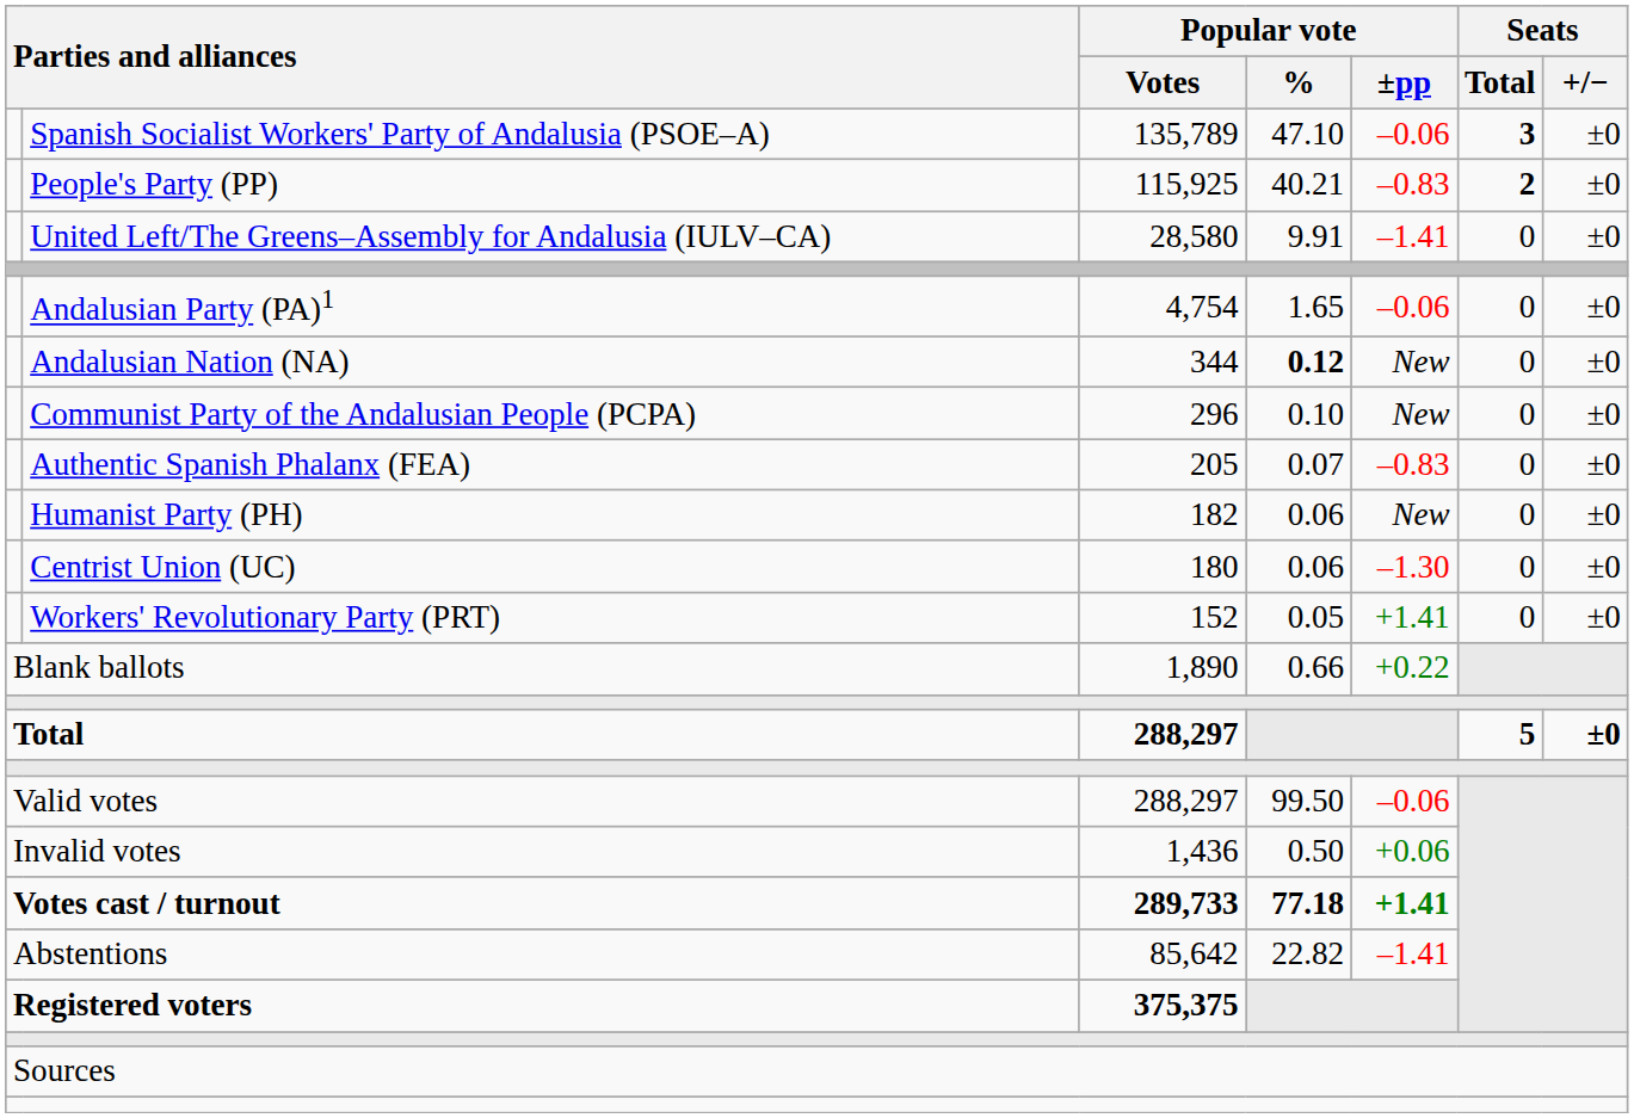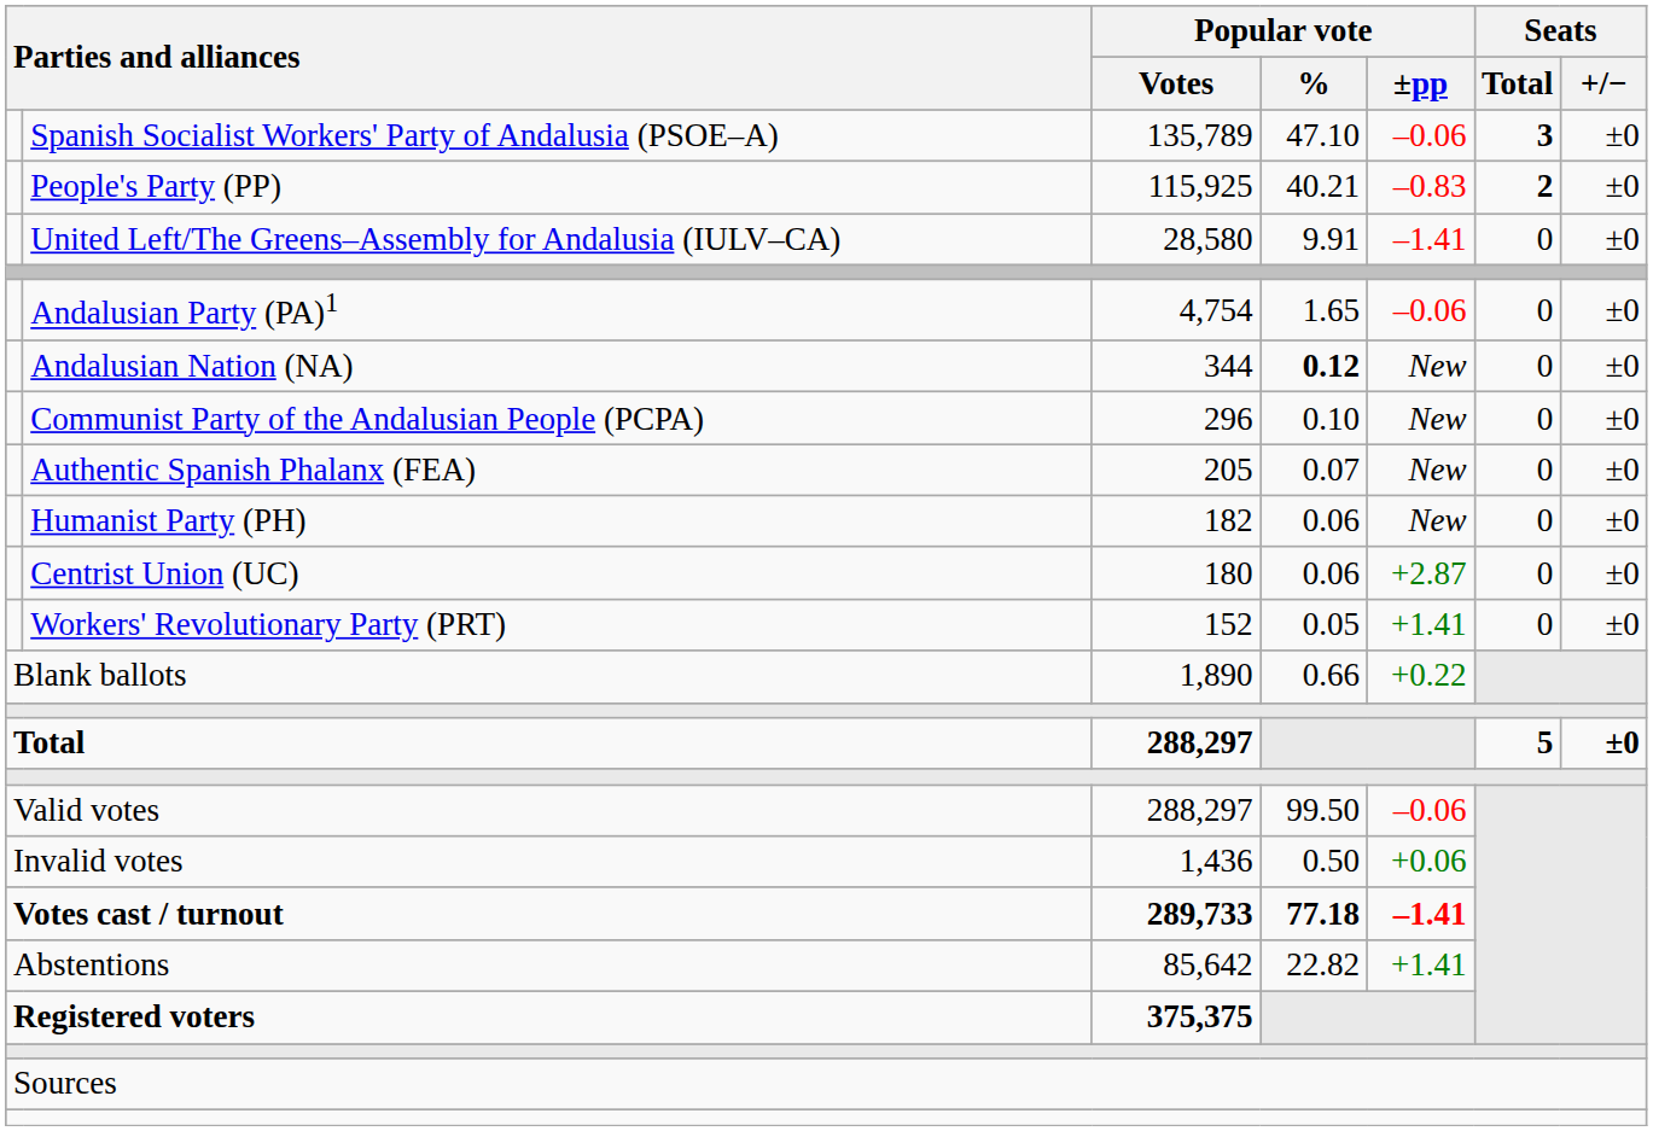 <table class="wikitable" style="text-align:right;">
 <tr>
 <th style="text-align:left;" rowspan="2" colspan="2" width="525">Parties and alliances</th>
 <th colspan="3">Popular vote</th>
 <th colspan="2">Seats</th>
 </tr>
 <tr>
 <th width="75">Votes</th>
 <th width="45">%</th>
 <th width="45">±<a href='#'>pp</a></th>
 <th width="35">Total</th>
 <th width="35">+/−</th>
 </tr>
 <tr>
 <td width="1" style="color:inherit;background:"></td>
 <td align="left"><a href='#'>Spanish Socialist Workers' Party of Andalusia</a> (PSOE–A)</td>
 <td>135,789</td>
 <td>47.10</td>
 <td style="color:red;">–0.06</td>
 <td><strong>3</strong></td>
 <td>±0</td>
 </tr>
 <tr>
 <td style="color:inherit;background:"></td>
 <td align="left"><a href='#'>People's Party</a> (PP)</td>
 <td>115,925</td>
 <td>40.21</td>
 <td style="color:red;">–0.83</td>
 <td><strong>2</strong></td>
 <td>±0</td>
 </tr>
 <tr>
 <td style="color:inherit;background:"></td>
 <td align="left"><a href='#'>United Left/The Greens–Assembly for Andalusia</a> (IULV–CA)</td>
 <td>28,580</td>
 <td>9.91</td>
 <td style="color:red;">–1.41</td>
 <td>0</td>
 <td>±0</td>
 </tr>
 <tr>
 <td colspan="7" bgcolor="#C0C0C0"></td>
 </tr>
 <tr>
 <td style="color:inherit;background:"></td>
 <td align="left"><a href='#'>Andalusian Party</a> (PA)<sup>1</sup></td>
 <td>4,754</td>
 <td>1.65</td>
 <td style="color:red;">–0.06</td>
 <td>0</td>
 <td>±0</td>
 </tr>
 <tr>
 <td style="color:inherit;background:"></td>
 <td align="left"><a href='#'>Andalusian Nation</a> (NA)</td>
 <td>344</td>
 <td><strong>0.12</strong></td>
 <td><em>New</em></td>
 <td>0</td>
 <td>±0</td>
 </tr>
 <tr>
 <td style="color:inherit;background:"></td>
 <td align="left"><a href='#'>Communist Party of the Andalusian People</a> (PCPA)</td>
 <td>296</td>
 <td>0.10</td>
 <td><em>New</em></td>
 <td>0</td>
 <td>±0</td>
 </tr>
 <tr>
 <td style="color:inherit;background:"></td>
 <td align="left"><a href='#'>Authentic Spanish Phalanx</a> (FEA)</td>
 <td>205</td>
 <td>0.07</td>
-<td style="color:red;">–0.83</td>
+<td><em>New</em></td>
 <td>0</td>
 <td>±0</td>
 </tr>
 <tr>
 <td style="color:inherit;background:"></td>
 <td align="left"><a href='#'>Humanist Party</a> (PH)</td>
 <td>182</td>
 <td>0.06</td>
 <td><em>New</em></td>
 <td>0</td>
 <td>±0</td>
 </tr>
 <tr>
 <td style="color:inherit;background:"></td>
 <td align="left"><a href='#'>Centrist Union</a> (UC)</td>
 <td>180</td>
 <td>0.06</td>
-<td style="color:red;">–1.30</td>
+<td style="color:green;">+2.87</td>
 <td>0</td>
 <td>±0</td>
 </tr>
 <tr>
 <td style="color:inherit;background:"></td>
 <td align="left"><a href='#'>Workers' Revolutionary Party</a> (PRT)</td>
 <td>152</td>
 <td>0.05</td>
 <td style="color:green;">+1.41</td>
 <td>0</td>
 <td>±0</td>
 </tr>
 <tr>
 <td align="left" colspan="2">Blank ballots</td>
 <td>1,890</td>
 <td>0.66</td>
 <td style="color:green;">+0.22</td>
 <td bgcolor="#E9E9E9" colspan="2"></td>
 </tr>
 <tr>
 <td colspan="7" bgcolor="#E9E9E9"></td>
 </tr>
 <tr style="font-weight:bold;">
 <td align="left" colspan="2">Total</td>
 <td>288,297</td>
 <td bgcolor="#E9E9E9" colspan="2"></td>
 <td>5</td>
 <td>±0</td>
 </tr>
 <tr>
 <td colspan="7" bgcolor="#E9E9E9"></td>
 </tr>
 <tr>
 <td align="left" colspan="2">Valid votes</td>
 <td>288,297</td>
 <td>99.50</td>
 <td style="color:red;">–0.06</td>
 <td bgcolor="#E9E9E9" colspan="2" rowspan="5"></td>
 </tr>
 <tr>
 <td align="left" colspan="2">Invalid votes</td>
 <td>1,436</td>
 <td>0.50</td>
 <td style="color:green;">+0.06</td>
 </tr>
 <tr style="font-weight:bold;">
 <td align="left" colspan="2">Votes cast / turnout</td>
 <td>289,733</td>
 <td>77.18</td>
-<td style="color:green;">+1.41</td>
+<td style="color:red;">–1.41</td>
 </tr>
 <tr>
 <td align="left" colspan="2">Abstentions</td>
 <td>85,642</td>
 <td>22.82</td>
-<td style="color:red;">–1.41</td>
+<td style="color:green;">+1.41</td>
 </tr>
 <tr style="font-weight:bold;">
 <td align="left" colspan="2">Registered voters</td>
 <td>375,375</td>
 <td bgcolor="#E9E9E9" colspan="2"></td>
 </tr>
 <tr>
 <td colspan="7" bgcolor="#E9E9E9"></td>
 </tr>
 <tr>
 <td align="left" colspan="7">Sources</td>
 </tr>
 <tr>
 <td colspan="7" style="text-align:left; max-width:790px;"></td>
 </tr>
 </table>
